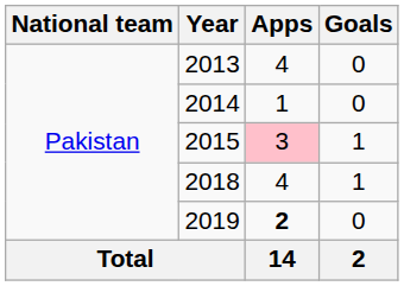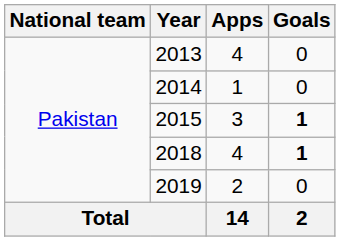 <table class="wikitable" style="text-align: center">
 <tr>
 <th>National team</th>
 <th>Year</th>
 <th>Apps</th>
 <th>Goals</th>
 </tr>
 <tr>
 <td rowspan="5"><a href='#'>Pakistan</a></td>
 <td>2013</td>
 <td>4</td>
 <td>0</td>
 </tr>
 <tr>
 <td>2014</td>
 <td>1</td>
 <td>0</td>
 </tr>
 <tr>
 <td>2015</td>
-<td style="background: pink;">3</td>
-<td>1</td>
+<td>3</td>
+<td><strong>1</strong></td>
 </tr>
 <tr>
 <td>2018</td>
 <td>4</td>
-<td>1</td>
+<td><strong>1</strong></td>
 </tr>
 <tr>
 <td>2019</td>
-<td><strong>2</strong></td>
+<td>2</td>
 <td>0</td>
 </tr>
 <tr>
 <th colspan=2>Total</th>
 <th>14</th>
 <th>2</th>
 </tr>
 </table>
